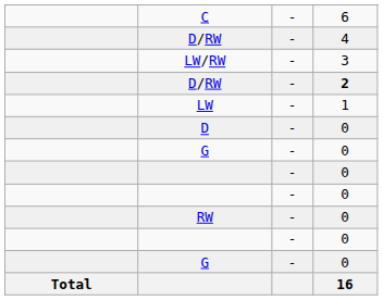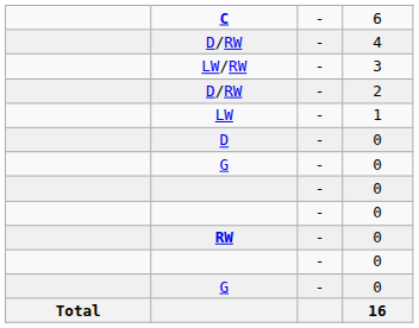 <table class="wikitable sortable" width ="40%">
 <tr align="center">
 </tr>
 <tr align="center" bgcolor="">
 <td></td>
-<td><a href='#'>C</a></td>
+<td><strong><a href='#'>C</a></strong></td>
 <td>-</td>
 <td>6</td>
 </tr>
 <tr align="center" bgcolor="f0f0f0">
 <td></td>
 <td><a href='#'>D</a>/<a href='#'>RW</a></td>
 <td>-</td>
 <td>4</td>
 </tr>
 <tr align="center" bgcolor="">
 <td></td>
 <td><a href='#'>LW</a>/<a href='#'>RW</a></td>
 <td>-</td>
 <td>3</td>
 </tr>
 <tr align="center" bgcolor="f0f0f0">
 <td></td>
 <td><a href='#'>D</a>/<a href='#'>RW</a></td>
 <td>-</td>
-<td><strong>2</strong></td>
+<td>2</td>
 </tr>
 <tr align="center" bgcolor="">
 <td></td>
 <td><a href='#'>LW</a></td>
 <td>-</td>
 <td>1</td>
 </tr>
 <tr align="center" bgcolor="f0f0f0">
 <td></td>
 <td><a href='#'>D</a></td>
 <td>-</td>
 <td>0</td>
 </tr>
 <tr align="center" bgcolor="">
 <td></td>
 <td><a href='#'>G</a></td>
 <td>-</td>
 <td>0</td>
 </tr>
 <tr align="center" bgcolor="f0f0f0">
 <td></td>
 <td></td>
 <td>-</td>
 <td>0</td>
 </tr>
 <tr align="center" bgcolor="">
 <td></td>
 <td></td>
 <td>-</td>
 <td>0</td>
 </tr>
 <tr align="center" bgcolor="f0f0f0">
 <td></td>
-<td><a href='#'>RW</a></td>
+<td><strong><a href='#'>RW</a></strong></td>
 <td>-</td>
 <td>0</td>
 </tr>
 <tr align="center" bgcolor="">
 <td></td>
 <td></td>
 <td>-</td>
 <td>0</td>
 </tr>
 <tr align="center" bgcolor="f0f0f0">
 <td></td>
 <td><a href='#'>G</a></td>
 <td>-</td>
 <td>0</td>
 </tr>
 <tr>
 <th>Total</th>
 <th></th>
 <th></th>
 <th>16</th>
 </tr>
 </table>
